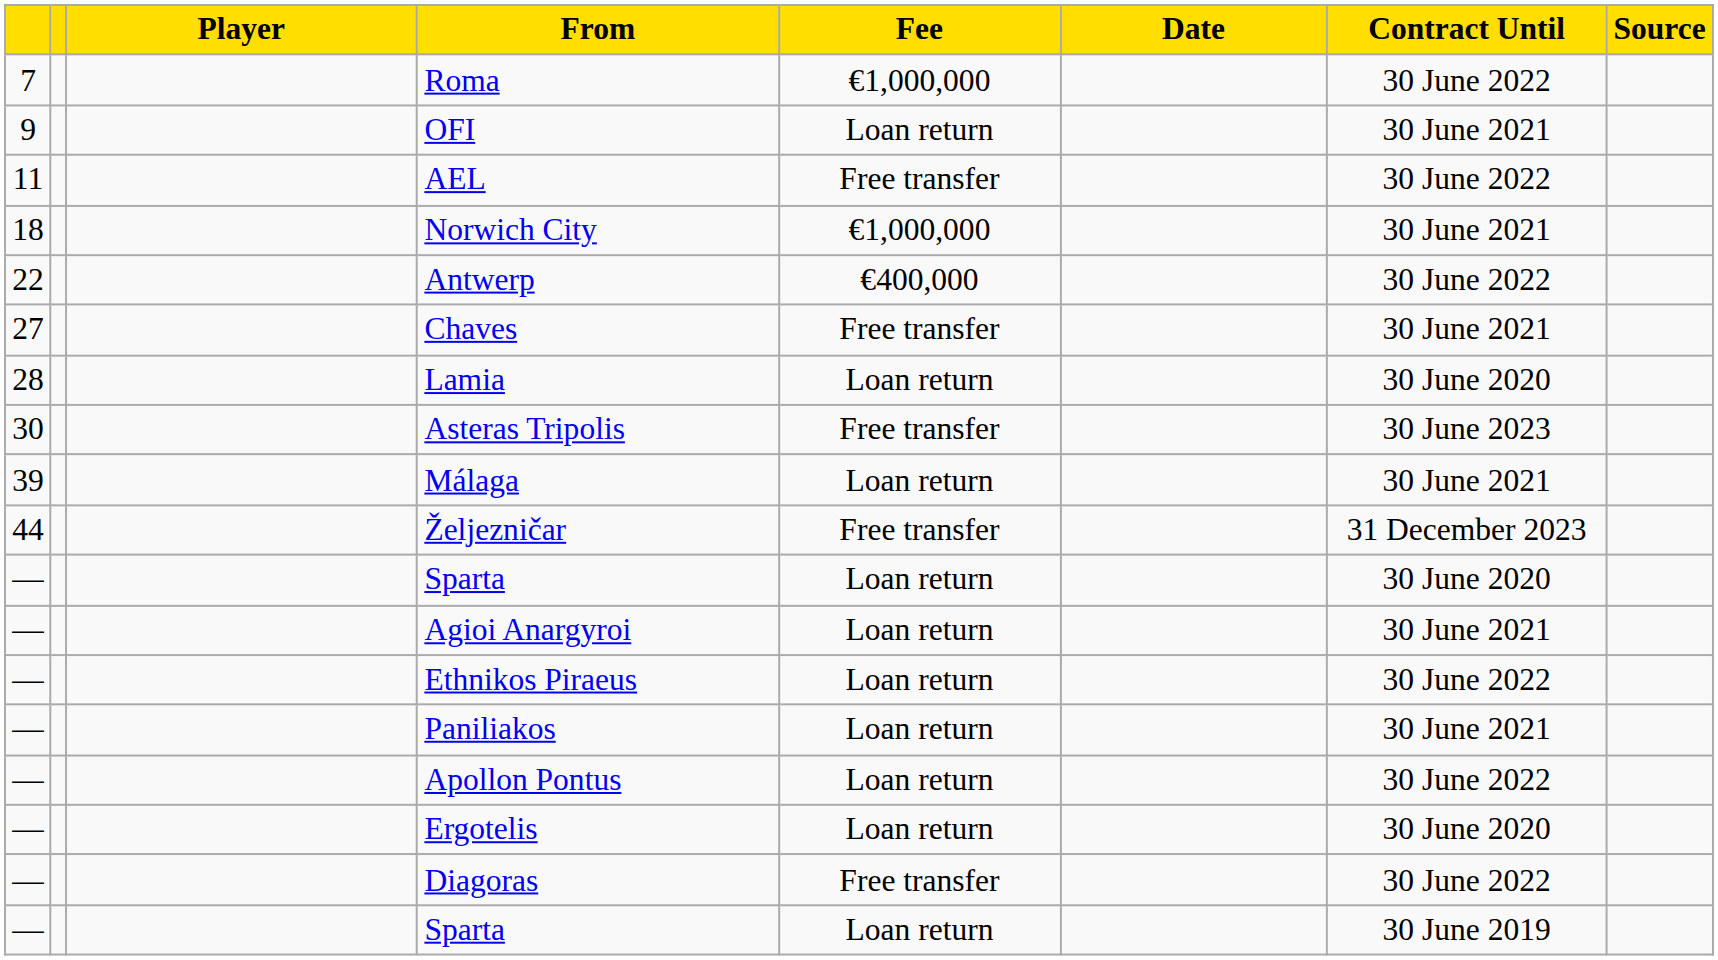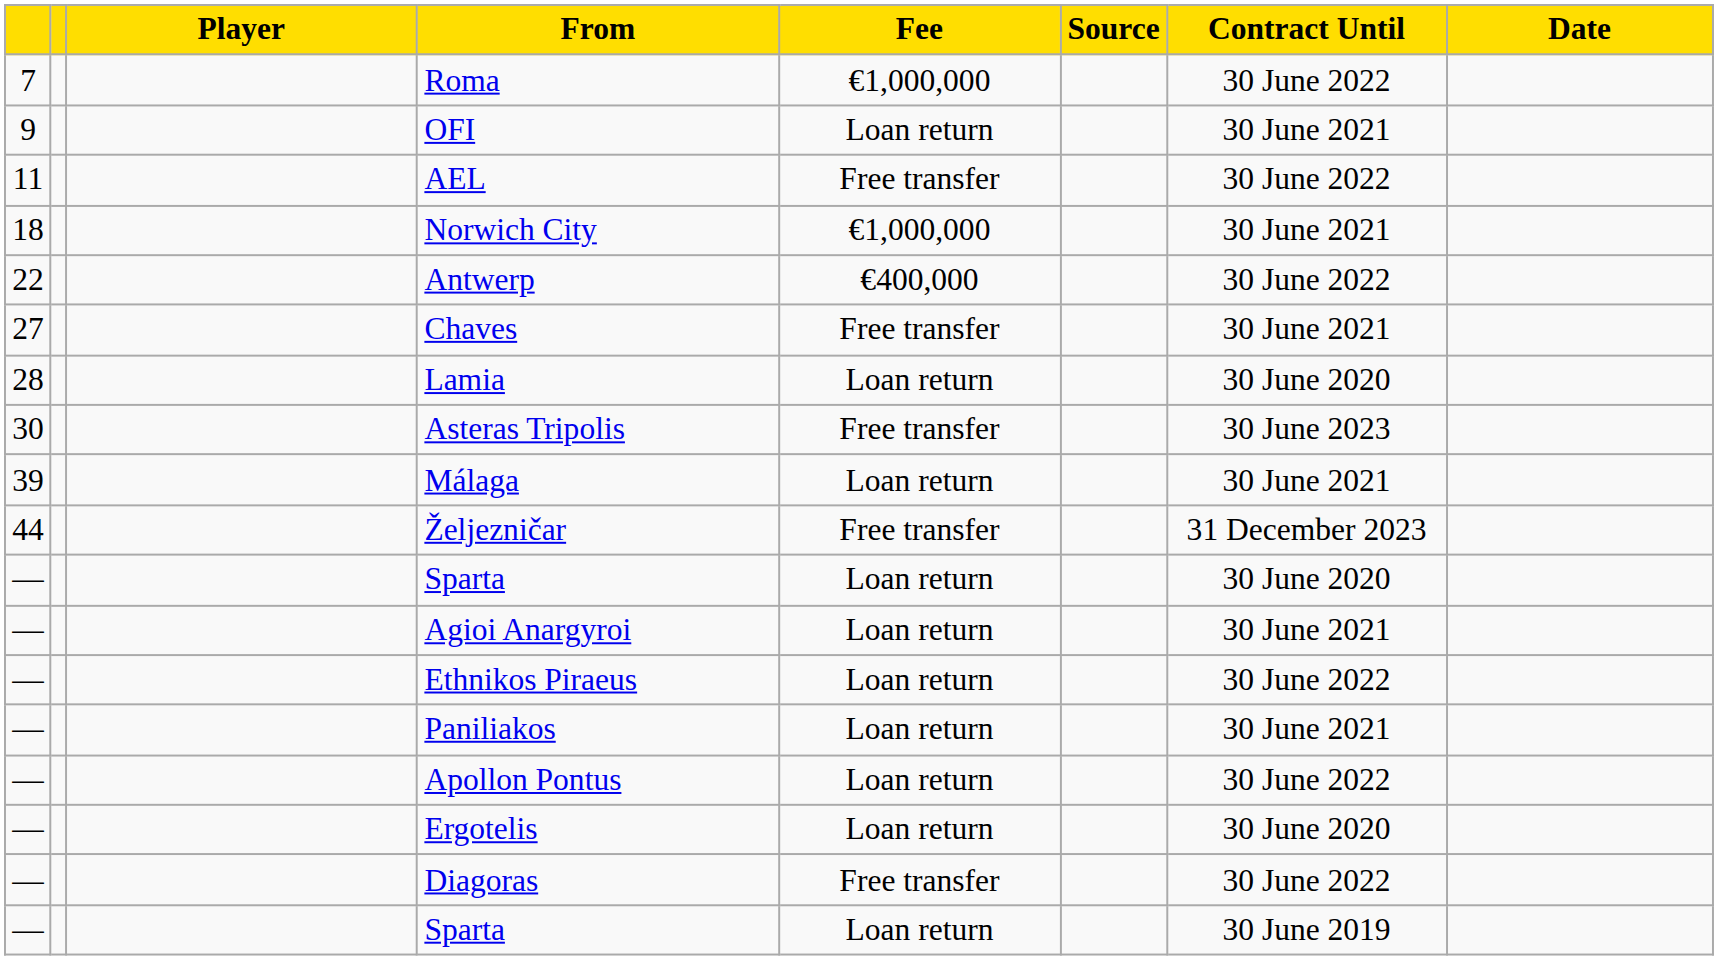 <table class="wikitable sortable">
 <tr>
 <th style="background:#FFDE00"></th>
 <th style="background:#FFDE00"></th>
 <th width=200 style="background:#FFDE00">Player</th>
 <th width=200 style="background:#FFDE00">From</th>
 <th width=150 style="background:#FFDE00">Fee</th>
+<th style="background:#FFDE00">Source</th>
+<th width=150 style="background:#FFDE00">Contract Until</th>
 <th width=150 style="background:#FFDE00">Date</th>
-<th width=150 style="background:#FFDE00">Contract Until</th>
-<th style="background:#FFDE00">Source</th>
 </tr>
 <tr>
 <td align=center>7</td>
 <td align=center></td>
 <td></td>
 <td> <a href='#'>Roma</a></td>
 <td align=center>€1,000,000</td>
 <td align=center></td>
 <td align=center>30 June 2022</td>
 <td align=center></td>
 </tr>
 <tr>
 <td align=center>9</td>
 <td align=center></td>
 <td></td>
 <td> <a href='#'>OFI</a></td>
 <td align=center>Loan return</td>
 <td align=center></td>
 <td align=center>30 June 2021</td>
 <td align=center></td>
 </tr>
 <tr>
 <td align=center>11</td>
 <td align=center></td>
 <td></td>
 <td> <a href='#'>AEL</a></td>
 <td align=center>Free transfer</td>
 <td align=center></td>
 <td align=center>30 June 2022</td>
 <td align=center></td>
 </tr>
 <tr>
 <td align=center>18</td>
 <td align=center></td>
 <td></td>
 <td> <a href='#'>Norwich City</a></td>
 <td align=center>€1,000,000</td>
 <td align=center></td>
 <td align=center>30 June 2021</td>
 <td align=center></td>
 </tr>
 <tr>
 <td align=center>22</td>
 <td align=center></td>
 <td></td>
 <td> <a href='#'>Antwerp</a></td>
 <td align=center>€400,000</td>
 <td align=center></td>
 <td align=center>30 June 2022</td>
 <td align=center></td>
 </tr>
 <tr>
 <td align=center>27</td>
 <td align=center></td>
 <td></td>
 <td> <a href='#'>Chaves</a></td>
 <td align=center>Free transfer</td>
 <td align=center></td>
 <td align=center>30 June 2021</td>
 <td align=center></td>
 </tr>
 <tr>
 <td align=center>28</td>
 <td align=center></td>
 <td></td>
 <td> <a href='#'>Lamia</a></td>
 <td align=center>Loan return</td>
 <td align=center></td>
 <td align=center>30 June 2020</td>
 <td align=center></td>
 </tr>
 <tr>
 <td align=center>30</td>
 <td align=center></td>
 <td></td>
 <td> <a href='#'>Asteras Tripolis</a></td>
 <td align=center>Free transfer</td>
 <td align=center></td>
 <td align=center>30 June 2023</td>
 <td align=center></td>
 </tr>
 <tr>
 <td align=center>39</td>
 <td align=center></td>
 <td></td>
 <td> <a href='#'>Málaga</a></td>
 <td align=center>Loan return</td>
 <td align=center></td>
 <td align=center>30 June 2021</td>
 <td align=center></td>
 </tr>
 <tr>
 <td align=center>44</td>
 <td align=center></td>
 <td></td>
 <td> <a href='#'>Željezničar</a></td>
 <td align=center>Free transfer</td>
 <td align=center></td>
 <td align=center>31 December 2023</td>
 <td align=center></td>
 </tr>
 <tr>
 <td align=center>—</td>
 <td align=center></td>
 <td></td>
 <td> <a href='#'>Sparta</a></td>
 <td align=center>Loan return</td>
 <td align=center></td>
 <td align=center>30 June 2020</td>
 <td align=center></td>
 </tr>
 <tr>
 <td align=center>—</td>
 <td align=center></td>
 <td></td>
 <td> <a href='#'>Agioi Anargyroi</a></td>
 <td align=center>Loan return</td>
 <td align=center></td>
 <td align=center>30 June 2021</td>
 <td align=center></td>
 </tr>
 <tr>
 <td align=center>—</td>
 <td align=center></td>
 <td></td>
 <td> <a href='#'>Ethnikos Piraeus</a></td>
 <td align=center>Loan return</td>
 <td align=center></td>
 <td align=center>30 June 2022</td>
 <td align=center></td>
 </tr>
 <tr>
 <td align=center>—</td>
 <td align=center></td>
 <td></td>
 <td> <a href='#'>Paniliakos</a></td>
 <td align=center>Loan return</td>
 <td align=center></td>
 <td align=center>30 June 2021</td>
 <td align=center></td>
 </tr>
 <tr>
 <td align=center>—</td>
 <td align=center></td>
 <td></td>
 <td> <a href='#'>Apollon Pontus</a></td>
 <td align=center>Loan return</td>
 <td align=center></td>
 <td align=center>30 June 2022</td>
 <td align=center></td>
 </tr>
 <tr>
 <td align=center>—</td>
 <td align=center></td>
 <td></td>
 <td> <a href='#'>Ergotelis</a></td>
 <td align=center>Loan return</td>
 <td align=center></td>
 <td align=center>30 June 2020</td>
 <td align=center></td>
 </tr>
 <tr>
 <td align=center>—</td>
 <td align=center></td>
 <td></td>
 <td> <a href='#'>Diagoras</a></td>
 <td align=center>Free transfer</td>
 <td align=center></td>
 <td align=center>30 June 2022</td>
 <td align=center></td>
 </tr>
 <tr>
 <td align=center>—</td>
 <td align=center></td>
 <td></td>
 <td> <a href='#'>Sparta</a></td>
 <td align=center>Loan return</td>
 <td align=center></td>
 <td align=center>30 June 2019</td>
 <td align=center></td>
 </tr>
 </table>
